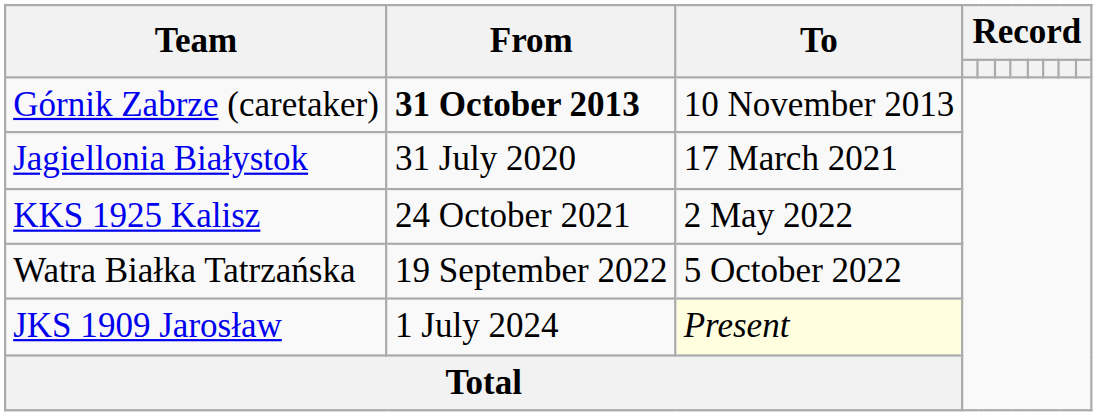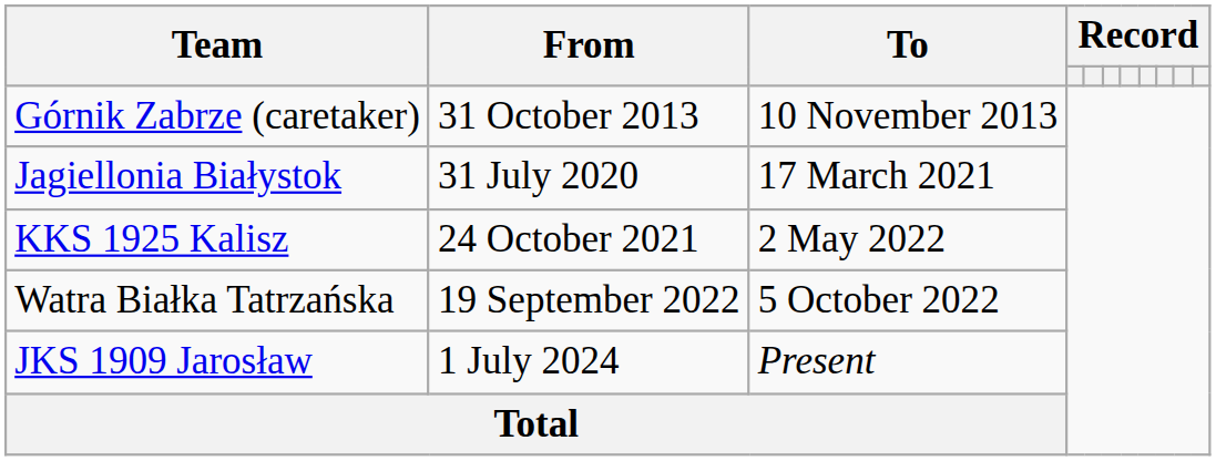 <table class="wikitable" style="text-align: center;">
 <tr>
 <th rowspan="2">Team</th>
 <th rowspan="2">From</th>
 <th rowspan="2">To</th>
 <th colspan="8">Record</th>
 </tr>
 <tr>
 <th></th>
 <th></th>
 <th></th>
 <th></th>
 <th></th>
 <th></th>
 <th></th>
 <th></th>
 </tr>
 <tr>
 <td align=left><a href='#'>Górnik Zabrze</a> (caretaker)</td>
-<td align=left><strong>31 October 2013</strong></td>
+<td align=left>31 October 2013</td>
 <td align=left>10 November 2013<br></td>
 </tr>
 <tr>
 <td align=left><a href='#'>Jagiellonia Białystok</a></td>
 <td align=left>31 July 2020</td>
 <td align=left>17 March 2021<br></td>
 </tr>
 <tr>
 <td align=left><a href='#'>KKS 1925 Kalisz</a></td>
 <td align=left>24 October 2021</td>
 <td align=left>2 May 2022<br></td>
 </tr>
 <tr>
 <td align=left>Watra Białka Tatrzańska</td>
 <td align=left>19 September 2022</td>
 <td align=left>5 October 2022<br></td>
 </tr>
 <tr>
 <td align=left><a href='#'>JKS 1909 Jarosław</a></td>
 <td align=left>1 July 2024</td>
-<td align=left style="background: lightyellow;"><em>Present</em><br></td>
+<td align=left><em>Present</em><br></td>
 </tr>
 <tr>
 <th colspan="3">Total<br></th>
 </tr>
 </table>
